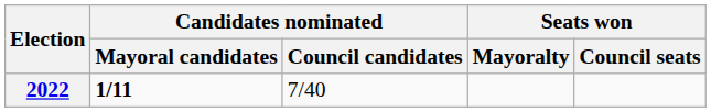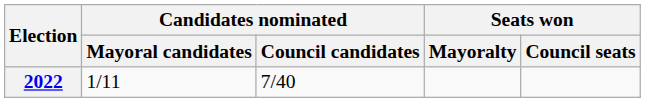 <table class="wikitable">
 <tr>
 <th rowspan="2">Election</th>
 <th colspan="2">Candidates nominated</th>
 <th colspan="2">Seats won</th>
 </tr>
 <tr style="text-align:center;">
 <th>Mayoral candidates</th>
 <th>Council candidates</th>
 <th>Mayoralty</th>
 <th>Council seats</th>
 </tr>
 <tr>
 <th><a href='#'>2022</a></th>
-<td><strong>1/11</strong></td>
+<td>1/11</td>
 <td>7/40</td>
 <td></td>
 <td></td>
 </tr>
 </table>
